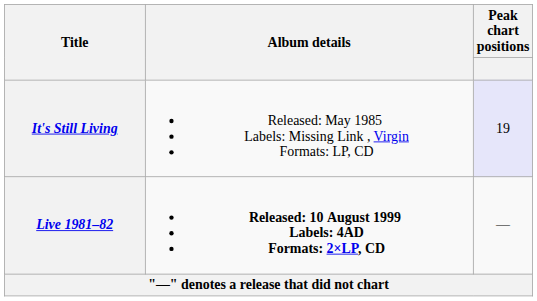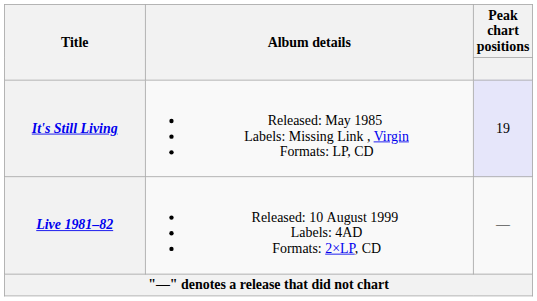 <table class="wikitable plainrowheaders" style="text-align:center">
 <tr>
 <th scope="col" rowspan="2" style="width:10em">Title</th>
 <th scope="col" rowspan="2" style="width:24em">Album details</th>
 <th scope="col" colspan="1">Peak chart positions</th>
 </tr>
 <tr>
 <th scope="col" style="width:2em"><br></th>
 </tr>
 <tr>
 <th scope="row"><em><a href='#'>It's Still Living</a></em></th>
 <td><br><ul><li>Released: May 1985 </li><li>Labels: Missing Link , <a href='#'>Virgin</a> </li><li>Formats: LP, CD</li></ul></td>
 <td style="background: lavender;">19</td>
 </tr>
 <tr>
 <th scope="row"><em><a href='#'>Live 1981–82</a></em></th>
-<td><strong><br><ul><li>Released: 10 August 1999 </li><li>Labels: 4AD </li><li>Formats: <a href='#'>2×LP</a>, CD</li></ul></strong></td>
+<td><br><ul><li>Released: 10 August 1999 </li><li>Labels: 4AD </li><li>Formats: <a href='#'>2×LP</a>, CD</li></ul></td>
 <td>—</td>
 </tr>
 <tr>
 <th scope="row" colspan="4" style="text-align:center">"—" denotes a release that did not chart</th>
 </tr>
 </table>
